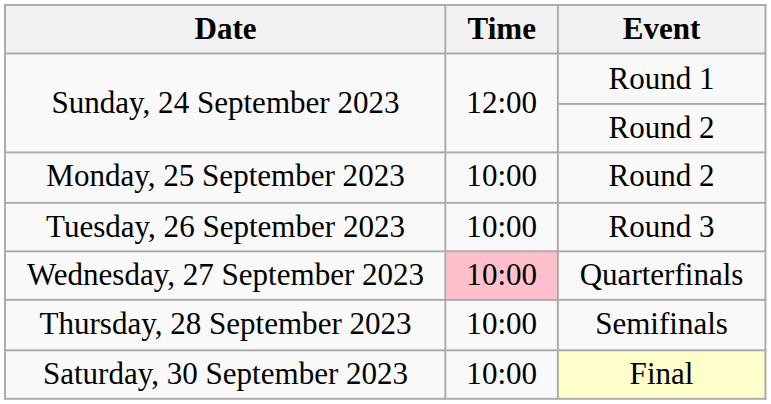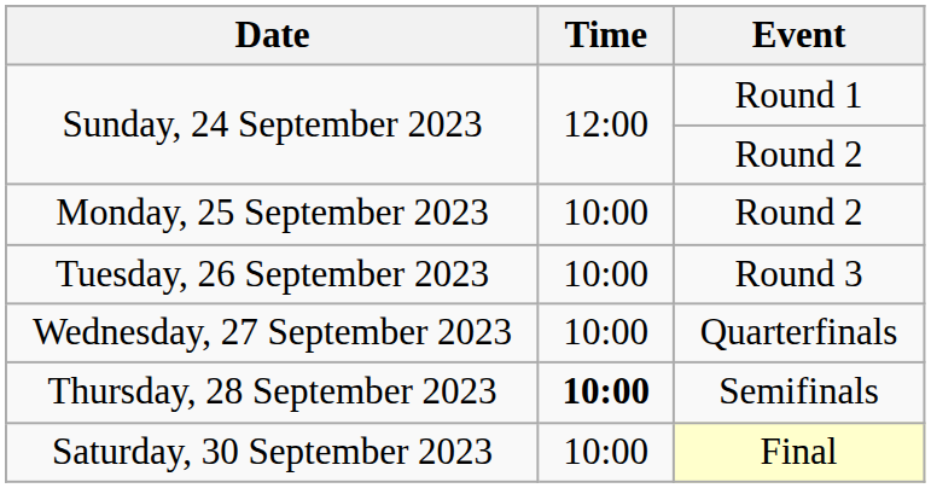 <table class = "wikitable" style="text-align:center;">
 <tr>
 <th width=220>Date</th>
 <th width=50>Time</th>
 <th width=100>Event</th>
 </tr>
 <tr>
 <td rowspan=2>Sunday, 24 September 2023</td>
 <td rowspan=2>12:00</td>
 <td>Round 1</td>
 </tr>
 <tr>
 <td>Round 2</td>
 </tr>
 <tr>
 <td>Monday, 25 September 2023</td>
 <td>10:00</td>
 <td>Round 2</td>
 </tr>
 <tr>
 <td>Tuesday, 26 September 2023</td>
 <td>10:00</td>
 <td>Round 3</td>
 </tr>
 <tr>
 <td>Wednesday, 27 September 2023</td>
-<td style="background: pink;">10:00</td>
+<td>10:00</td>
 <td>Quarterfinals</td>
 </tr>
 <tr>
 <td>Thursday, 28 September 2023</td>
-<td>10:00</td>
+<td><strong>10:00</strong></td>
 <td>Semifinals</td>
 </tr>
 <tr>
 <td>Saturday, 30 September 2023</td>
 <td>10:00</td>
 <td bgcolor=ffffcc>Final</td>
 </tr>
 </table>
